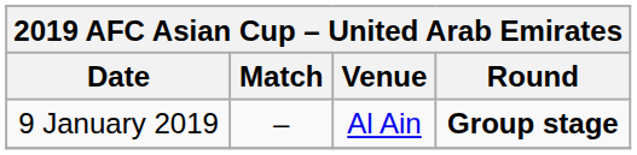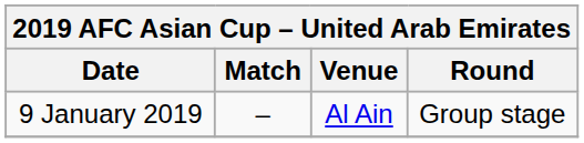 <table class="wikitable" style="margin:1em auto 1em auto; text-align:center; font-size:small;">
 <tr>
 <th colspan="4">2019 AFC Asian Cup – United Arab Emirates</th>
 </tr>
 <tr>
 <th>Date</th>
 <th>Match</th>
 <th>Venue</th>
 <th>Round</th>
 </tr>
 <tr>
 <td>9 January 2019</td>
 <td> – </td>
 <td><a href='#'>Al Ain</a></td>
-<td><strong>Group stage</strong></td>
+<td>Group stage</td>
 </tr>
 <tr>
 </tr>
 </table>
